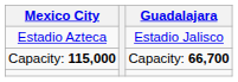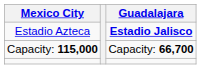 <table class=wikitable style="text-align:center"">
 <tr>
 <th><a href='#'>Mexico City</a></th>
 <th rowspan="6"></th>
 <th><a href='#'>Guadalajara</a></th>
 </tr>
 <tr>
 <td><a href='#'>Estadio Azteca</a></td>
-<td><a href='#'>Estadio Jalisco</a></td>
+<td><strong><a href='#'>Estadio Jalisco</a></strong></td>
 </tr>
 <tr>
 <td>Capacity: <strong>115,000</strong></td>
 <td>Capacity: <strong>66,700</strong></td>
 </tr>
 <tr>
 <td></td>
 <td></td>
 </tr>
 </table>
